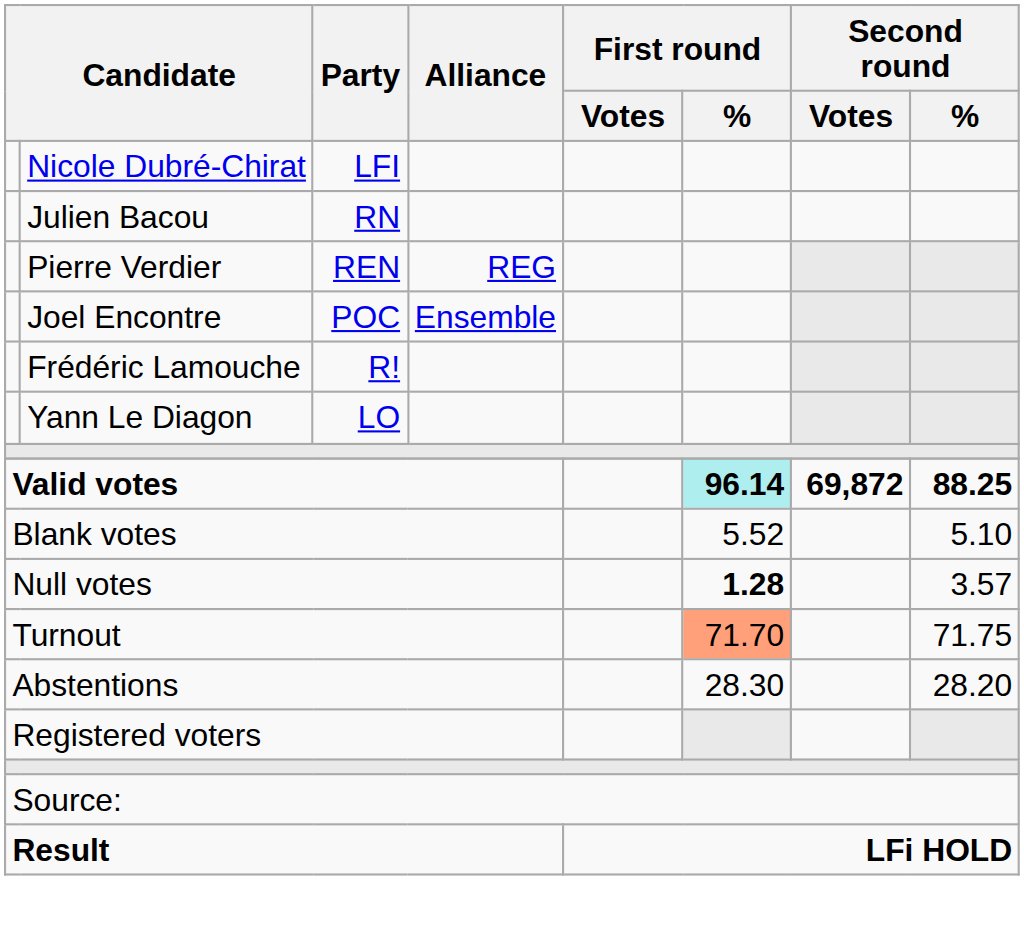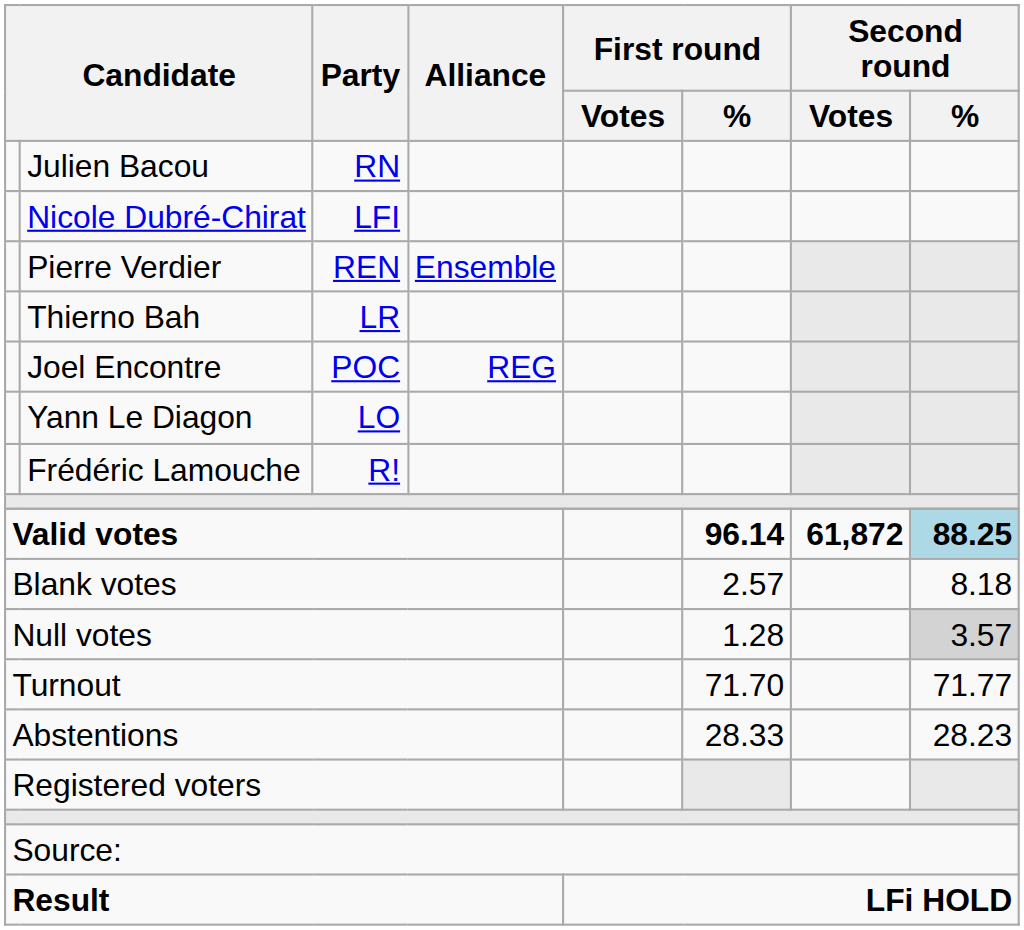 <table class="wikitable" style="text-align:right;font-size:95%;">
 <tr>
 <th colspan="2" rowspan="2">Candidate</th>
 <th colspan="1" rowspan="2">Party</th>
 <th colspan="1" rowspan="2">Alliance</th>
 <th colspan="2">First round</th>
 <th colspan="2">Second round</th>
 </tr>
 <tr>
 <th style="width:50px;">Votes</th>
 <th style="width:45px;">%</th>
 <th style="width:50px;">Votes</th>
 <th style="width:45px;">%</th>
 </tr>
 <tr>
 <td style="color:inherit;background:"></td>
+<td style="text-align:left;">Julien Bacou</td>
+<td><a href='#'>RN</a></td>
+<td></td>
+<td></td>
+<td></td>
+<td></td>
+<td></td>
+</tr>
+<tr>
+<td style="color:inherit;background:"></td>
 <td style="text-align:left;"><a href='#'>Nicole Dubré-Chirat</a></td>
 <td><a href='#'>LFI</a></td>
 <td></td>
 <td></td>
 <td></td>
 <td><strong></strong></td>
 <td><strong></strong></td>
 </tr>
 <tr>
 <td style="color:inherit;background:"></td>
-<td style="text-align:left;">Julien Bacou</td>
-<td><a href='#'>RN</a></td>
+<td style="text-align:left;">Pierre Verdier</td>
+<td><a href='#'>REN</a></td>
+<td><a href='#'>Ensemble</a></td>
 <td></td>
 <td></td>
-<td></td>
-<td></td>
-<td></td>
+<td style="background:#E9E9E9;"></td>
+<td style="background:#E9E9E9;"></td>
 </tr>
 <tr>
 <td style="color:inherit;background:"></td>
-<td style="text-align:left;">Pierre Verdier</td>
-<td><a href='#'>REN</a></td>
-<td><a href='#'>REG</a></td>
+<td style="text-align:left;">Thierno Bah</td>
+<td><a href='#'>LR</a></td>
+<td></td>
 <td></td>
 <td></td>
 <td style="background:#E9E9E9;"></td>
 <td style="background:#E9E9E9;"></td>
 </tr>
 <tr>
 <td style="color:inherit;background:"></td>
 <td style="text-align:left;">Joel Encontre</td>
 <td><a href='#'>POC</a></td>
-<td><a href='#'>Ensemble</a></td>
+<td><a href='#'>REG</a></td>
+<td></td>
+<td></td>
+<td style="background:#E9E9E9;"></td>
+<td style="background:#E9E9E9;"></td>
+</tr>
+<tr>
+<td style="color:inherit;background:"></td>
+<td style="text-align:left;">Yann Le Diagon</td>
+<td><a href='#'>LO</a></td>
+<td></td>
 <td></td>
 <td></td>
 <td style="background:#E9E9E9;"></td>
 <td style="background:#E9E9E9;"></td>
 </tr>
 <tr>
 <td style="color:inherit;background:"></td>
 <td style="text-align:left;">Frédéric Lamouche</td>
 <td><a href='#'>R!</a></td>
 <td></td>
 <td></td>
 <td></td>
 <td style="background:#E9E9E9;"></td>
 <td style="background:#E9E9E9;"></td>
 </tr>
 <tr>
-<td style="color:inherit;background:"></td>
-<td style="text-align:left;">Yann Le Diagon</td>
-<td><a href='#'>LO</a></td>
-<td></td>
-<td></td>
-<td></td>
-<td style="background:#E9E9E9;"></td>
-<td style="background:#E9E9E9;"></td>
-</tr>
-<tr>
 <td colspan="8" style="background:#E9E9E9;"></td>
 </tr>
 <tr>
 </tr>
 <tr style="font-weight:bold;">
 <td colspan="4" style="text-align:left;">Valid votes</td>
 <td></td>
-<td style="background: paleturquoise;">96.14</td>
-<td>69,872</td>
-<td>88.25</td>
+<td>96.14</td>
+<td>61,872</td>
+<td style="background: lightblue;">88.25</td>
 </tr>
 <tr>
 <td colspan="4" style="text-align:left;">Blank votes</td>
 <td></td>
-<td>5.52</td>
+<td>2.57</td>
 <td></td>
-<td>5.10</td>
+<td>8.18</td>
 </tr>
 <tr>
 <td colspan="4" style="text-align:left;">Null votes</td>
 <td></td>
-<td><strong>1.28</strong></td>
+<td>1.28</td>
 <td></td>
-<td>3.57</td>
+<td style="background: lightgrey;">3.57</td>
 </tr>
 <tr>
 <td colspan="4" style="text-align:left;">Turnout</td>
 <td></td>
-<td style="background: lightsalmon;">71.70</td>
+<td>71.70</td>
 <td></td>
-<td>71.75</td>
+<td>71.77</td>
 </tr>
 <tr>
 <td colspan="4" style="text-align:left;">Abstentions</td>
 <td></td>
-<td>28.30</td>
+<td>28.33</td>
 <td></td>
-<td>28.20</td>
+<td>28.23</td>
 </tr>
 <tr>
 <td colspan="4" style="text-align:left;">Registered voters</td>
 <td></td>
 <td style="background:#E9E9E9;"></td>
 <td></td>
 <td style="background:#E9E9E9;"></td>
 </tr>
 <tr>
 <td colspan="8" style="background:#E9E9E9;"></td>
 </tr>
 <tr>
 <td colspan="8" style="text-align:left;">Source: </td>
 </tr>
 <tr style="font-weight:bold">
 <td colspan="4" style="text-align:left;">Result</td>
 <td colspan="4" style="background-color:">LFi HOLD</td>
 </tr>
 </table>
